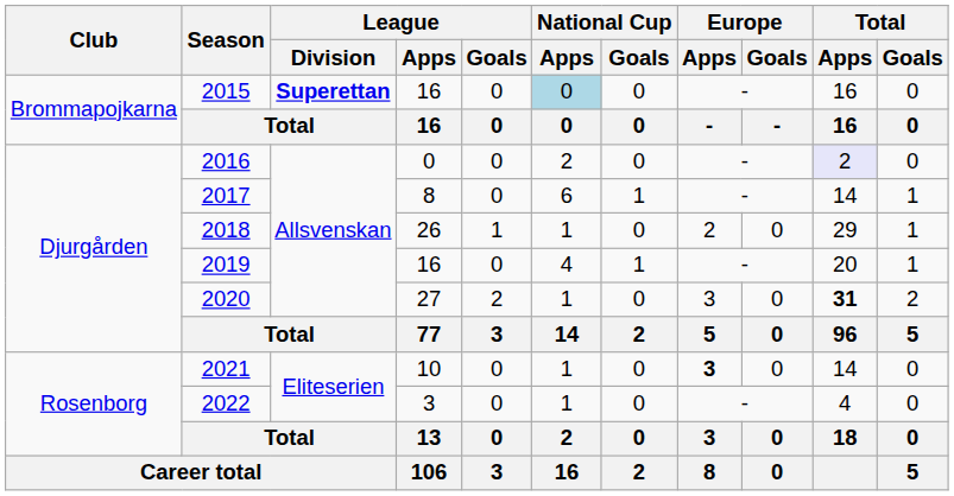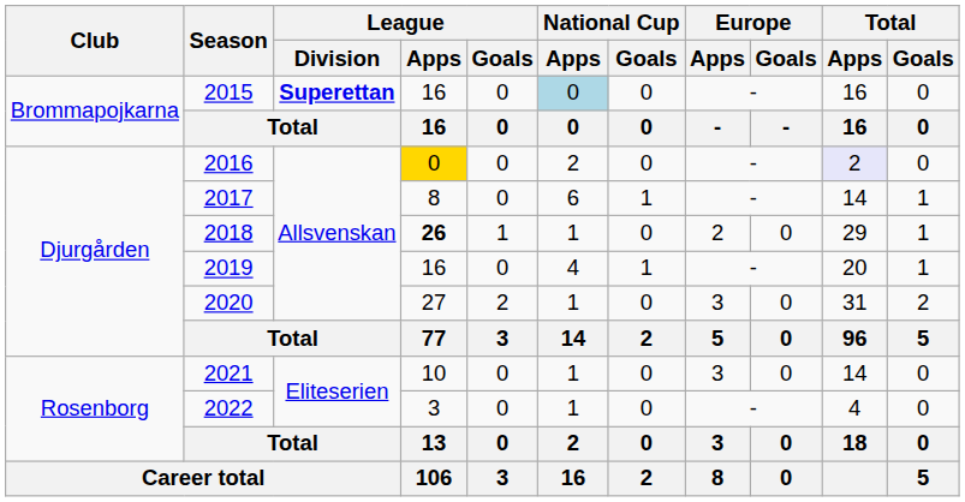 <table class="wikitable" style="text-align: center;">
 <tr>
 <th rowspan="2">Club</th>
 <th rowspan="2">Season</th>
 <th colspan="3">League</th>
 <th colspan="2">National Cup</th>
 <th colspan="2">Europe</th>
 <th colspan="2">Total</th>
 </tr>
 <tr>
 <th>Division</th>
 <th>Apps</th>
 <th>Goals</th>
 <th>Apps</th>
 <th>Goals</th>
 <th>Apps</th>
 <th>Goals</th>
 <th>Apps</th>
 <th>Goals</th>
 </tr>
 <tr>
 <td rowspan="2"><a href='#'>Brommapojkarna</a></td>
 <td><a href='#'>2015</a></td>
 <td rowspan="1"><strong><a href='#'>Superettan</a></strong></td>
 <td>16</td>
 <td>0</td>
 <td style="background: lightblue;">0</td>
 <td>0</td>
 <td colspan="2">-</td>
 <td>16</td>
 <td>0</td>
 </tr>
 <tr>
 <th colspan="2">Total</th>
 <th>16</th>
 <th>0</th>
 <th>0</th>
 <th>0</th>
 <th>-</th>
 <th>-</th>
 <th>16</th>
 <th>0</th>
 </tr>
 <tr>
 <td rowspan="6"><a href='#'>Djurgården</a></td>
 <td><a href='#'>2016</a></td>
 <td rowspan="5"><a href='#'>Allsvenskan</a></td>
-<td>0</td>
+<td style="background: gold;">0</td>
 <td>0</td>
 <td>2</td>
 <td>0</td>
 <td colspan="2">-</td>
 <td style="background: lavender;">2</td>
 <td>0</td>
 </tr>
 <tr>
 <td><a href='#'>2017</a></td>
 <td>8</td>
 <td>0</td>
 <td>6</td>
 <td>1</td>
 <td colspan="2">-</td>
 <td>14</td>
 <td>1</td>
 </tr>
 <tr>
 <td><a href='#'>2018</a></td>
-<td>26</td>
+<td><strong>26</strong></td>
 <td>1</td>
 <td>1</td>
 <td>0</td>
 <td>2</td>
 <td>0</td>
 <td>29</td>
 <td>1</td>
 </tr>
 <tr>
 <td><a href='#'>2019</a></td>
 <td>16</td>
 <td>0</td>
 <td>4</td>
 <td>1</td>
 <td colspan="2">-</td>
 <td>20</td>
 <td>1</td>
 </tr>
 <tr>
 <td><a href='#'>2020</a></td>
 <td>27</td>
 <td>2</td>
 <td>1</td>
 <td>0</td>
 <td>3</td>
 <td>0</td>
-<td><strong>31</strong></td>
+<td>31</td>
 <td>2</td>
 </tr>
 <tr>
 <th colspan="2">Total</th>
 <th>77</th>
 <th>3</th>
 <th>14</th>
 <th>2</th>
 <th>5</th>
 <th>0</th>
 <th>96</th>
 <th>5</th>
 </tr>
 <tr>
 <td rowspan="3"><a href='#'>Rosenborg</a></td>
 <td><a href='#'>2021</a></td>
 <td rowspan="2"><a href='#'>Eliteserien</a></td>
 <td>10</td>
 <td>0</td>
 <td>1</td>
 <td>0</td>
-<td><strong>3</strong></td>
+<td>3</td>
 <td>0</td>
 <td>14</td>
 <td>0</td>
 </tr>
 <tr>
 <td><a href='#'>2022</a></td>
 <td>3</td>
 <td>0</td>
 <td>1</td>
 <td>0</td>
 <td colspan="2">-</td>
 <td>4</td>
 <td>0</td>
 </tr>
 <tr>
 <th colspan="2">Total</th>
 <th>13</th>
 <th>0</th>
 <th>2</th>
 <th>0</th>
 <th>3</th>
 <th>0</th>
 <th>18</th>
 <th>0</th>
 </tr>
 <tr>
 <th colspan="3">Career total</th>
 <th>106</th>
 <th>3</th>
 <th>16</th>
 <th>2</th>
 <th>8</th>
 <th>0</th>
 <th 130></th>
 <th>5</th>
 </tr>
 </table>
